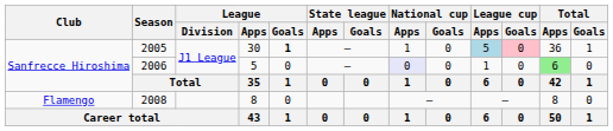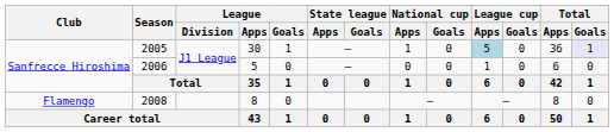 <table class="wikitable" style="text-align:center">
 <tr>
 <th rowspan="2">Club</th>
 <th rowspan="2">Season</th>
 <th colspan="3">League</th>
 <th colspan="2">State league</th>
 <th colspan="2">National cup</th>
 <th colspan="2">League cup</th>
 <th colspan="2">Total</th>
 </tr>
 <tr>
 <th>Division</th>
 <th>Apps</th>
 <th>Goals</th>
 <th>Apps</th>
 <th>Goals</th>
 <th>Apps</th>
 <th>Goals</th>
 <th>Apps</th>
 <th>Goals</th>
 <th>Apps</th>
 <th>Goals</th>
 </tr>
 <tr>
 <td rowspan="3"><a href='#'>Sanfrecce Hiroshima</a></td>
 <td>2005</td>
 <td rowspan="2"><a href='#'>J1 League</a></td>
 <td>30</td>
-<td><strong>1</strong></td>
+<td>1</td>
 <td colspan="2">–</td>
 <td>1</td>
 <td>0</td>
 <td style="background: lightblue;">5</td>
-<td style="background: pink;">0</td>
+<td>0</td>
 <td>36</td>
-<td>1</td>
+<td style="background: lavender;">1</td>
 </tr>
 <tr>
 <td>2006</td>
 <td>5</td>
 <td>0</td>
 <td colspan="2">–</td>
-<td style="background: lavender;">0</td>
+<td>0</td>
 <td>0</td>
 <td>1</td>
 <td>0</td>
-<td style="background: lightgreen;">6</td>
+<td>6</td>
 <td>0</td>
 </tr>
 <tr>
 <th colspan="2">Total</th>
 <th>35</th>
 <th>1</th>
 <th>0</th>
 <th>0</th>
 <th>1</th>
 <th>0</th>
 <th>6</th>
 <th>0</th>
 <th>42</th>
 <th>1</th>
 </tr>
 <tr>
 <td><a href='#'>Flamengo</a></td>
 <td>2008</td>
 <td></td>
 <td>8</td>
 <td>0</td>
 <td></td>
 <td></td>
 <td colspan="2">–</td>
 <td colspan="2">–</td>
 <td>8</td>
 <td>0</td>
 </tr>
 <tr>
 <th colspan="3">Career total</th>
 <th>43</th>
 <th>1</th>
 <th>0</th>
 <th>0</th>
 <th>1</th>
 <th>0</th>
 <th>6</th>
 <th>0</th>
 <th>50</th>
 <th>1</th>
 </tr>
 </table>
